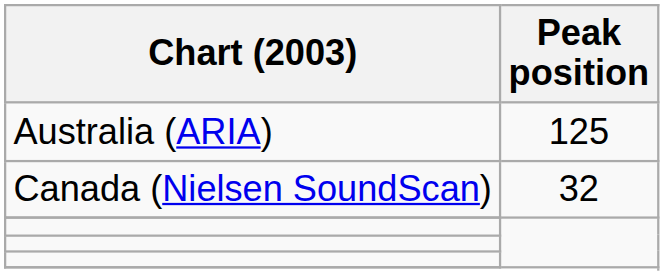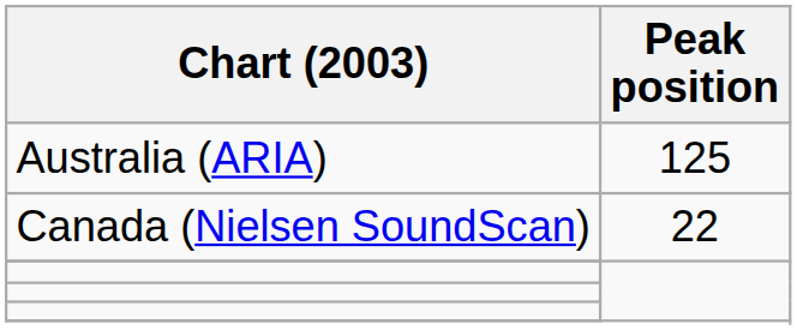 <table class="wikitable sortable">
 <tr>
 <th>Chart (2003)</th>
 <th>Peak<br>position</th>
 </tr>
 <tr>
 <td>Australia (<a href='#'>ARIA</a>)</td>
 <td align="center">125</td>
 </tr>
 <tr>
 <td>Canada (<a href='#'>Nielsen SoundScan</a>)</td>
-<td align="center">32</td>
+<td align="center">22</td>
 </tr>
 <tr>
 </tr>
 <tr>
 </tr>
 <tr>
 </tr>
 <tr>
 </tr>
 <tr>
 <td></td>
 </tr>
 <tr>
 <td></td>
 </tr>
 <tr>
 <td></td>
 </tr>
 <tr>
 </tr>
 </table>
